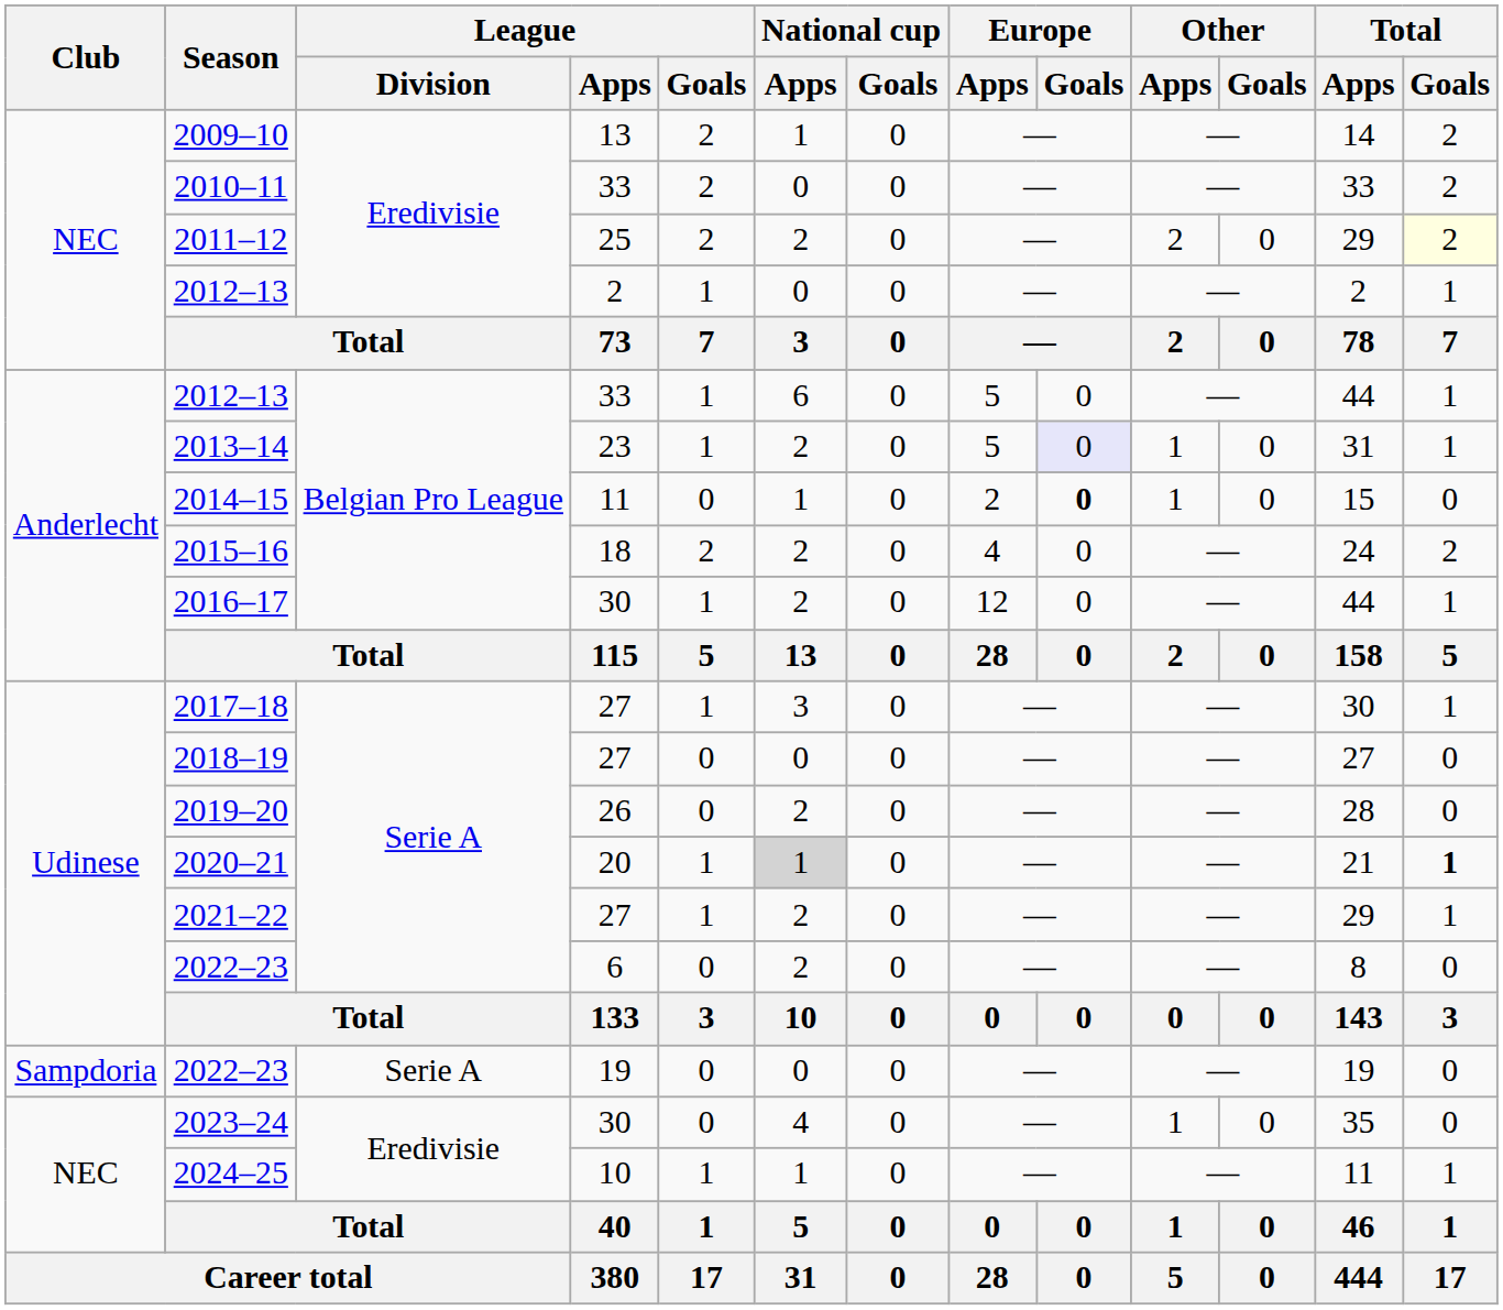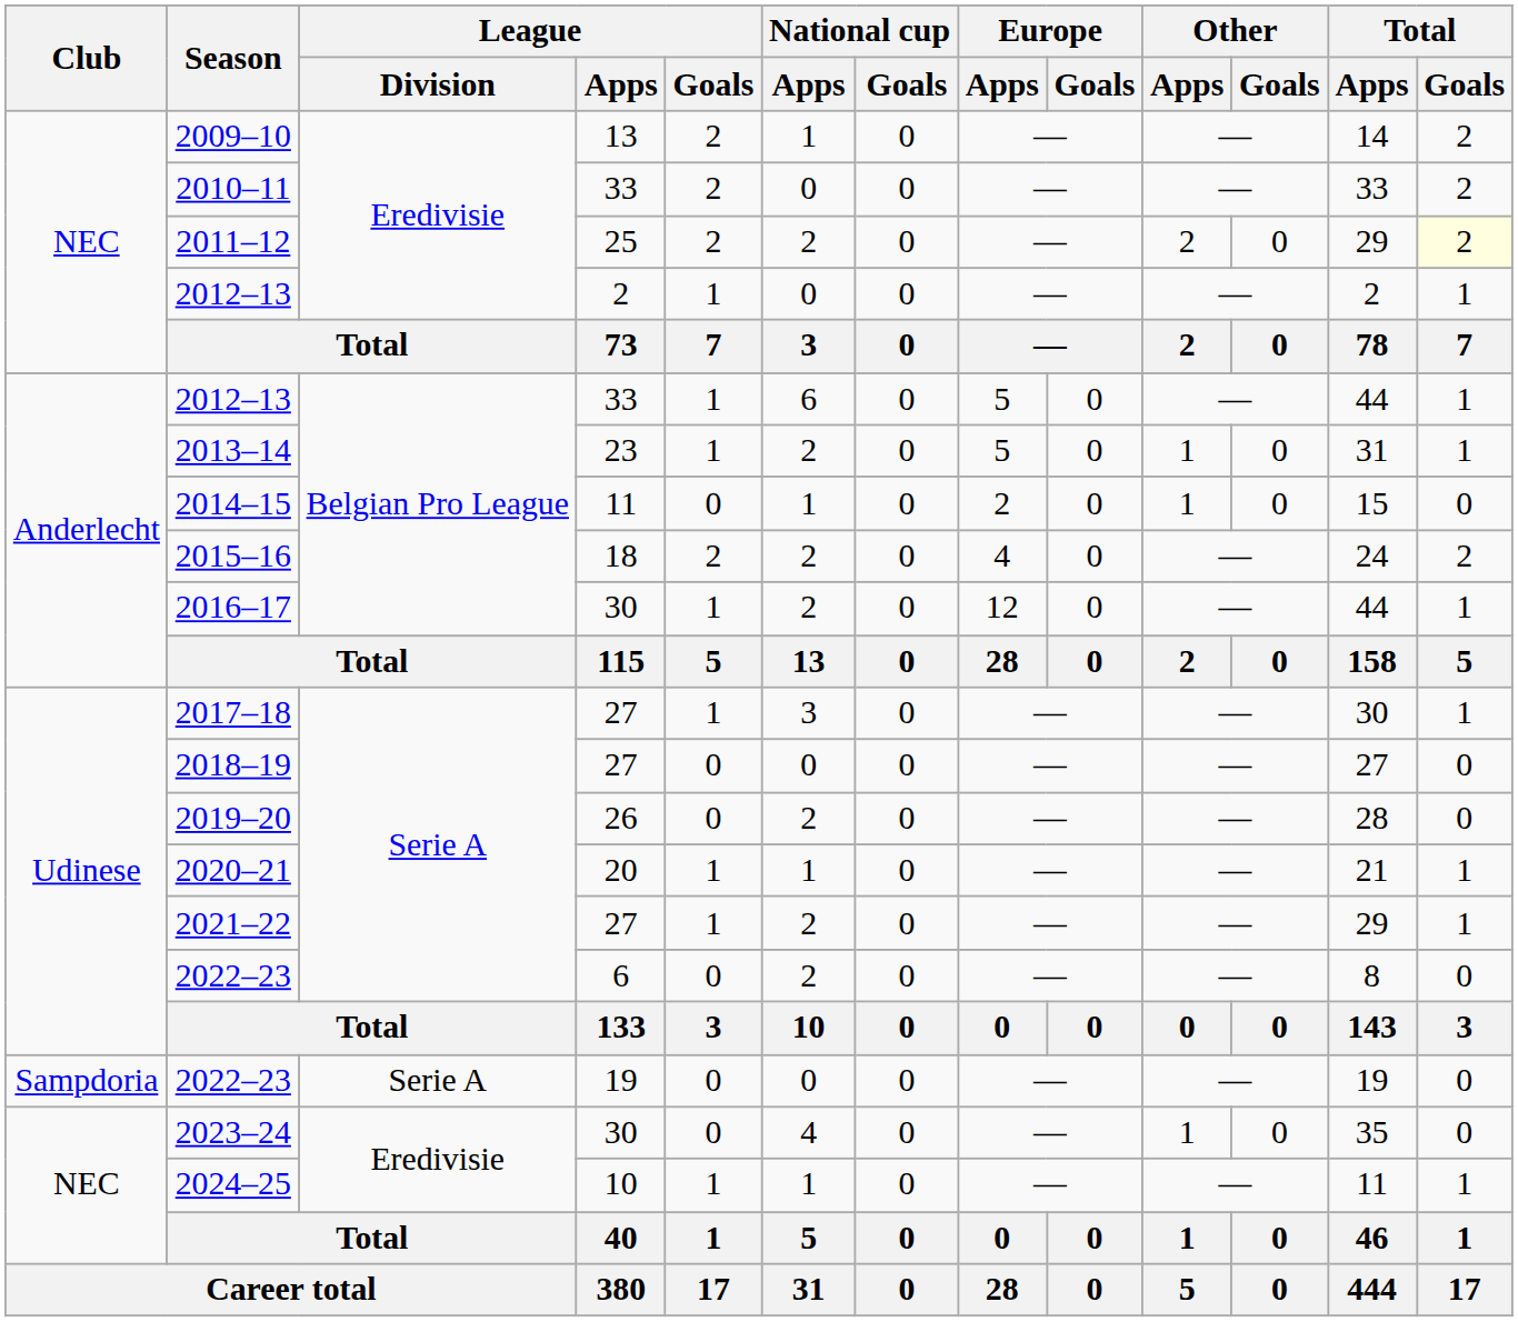 <table class="wikitable" style="text-align:center">
 <tr>
 <th rowspan="2">Club</th>
 <th rowspan="2">Season</th>
 <th colspan="3">League</th>
 <th colspan="2">National cup</th>
 <th colspan="2">Europe</th>
 <th colspan="2">Other</th>
 <th colspan="2">Total</th>
 </tr>
 <tr>
 <th>Division</th>
 <th>Apps</th>
 <th>Goals</th>
 <th>Apps</th>
 <th>Goals</th>
 <th>Apps</th>
 <th>Goals</th>
 <th>Apps</th>
 <th>Goals</th>
 <th>Apps</th>
 <th>Goals</th>
 </tr>
 <tr>
 <td rowspan="5"><a href='#'>NEC</a></td>
 <td><a href='#'>2009–10</a></td>
 <td rowspan="4"><a href='#'>Eredivisie</a></td>
 <td>13</td>
 <td>2</td>
 <td>1</td>
 <td>0</td>
 <td colspan="2">—</td>
 <td colspan="2">—</td>
 <td>14</td>
 <td>2</td>
 </tr>
 <tr>
 <td><a href='#'>2010–11</a></td>
 <td>33</td>
 <td>2</td>
 <td>0</td>
 <td>0</td>
 <td colspan="2">—</td>
 <td colspan="2">—</td>
 <td>33</td>
 <td>2</td>
 </tr>
 <tr>
 <td><a href='#'>2011–12</a></td>
 <td>25</td>
 <td>2</td>
 <td>2</td>
 <td>0</td>
 <td colspan="2">—</td>
 <td>2</td>
 <td>0</td>
 <td>29</td>
 <td style="background: lightyellow;">2</td>
 </tr>
 <tr>
 <td><a href='#'>2012–13</a></td>
 <td>2</td>
 <td>1</td>
 <td>0</td>
 <td>0</td>
 <td colspan="2">—</td>
 <td colspan="2">—</td>
 <td>2</td>
 <td>1</td>
 </tr>
 <tr>
 <th colspan="2">Total</th>
 <th>73</th>
 <th>7</th>
 <th>3</th>
 <th>0</th>
 <th colspan="2">—</th>
 <th>2</th>
 <th>0</th>
 <th>78</th>
 <th>7</th>
 </tr>
 <tr>
 <td rowspan="6"><a href='#'>Anderlecht</a></td>
 <td><a href='#'>2012–13</a></td>
 <td rowspan="5"><a href='#'>Belgian Pro League</a></td>
 <td>33</td>
 <td>1</td>
 <td>6</td>
 <td>0</td>
 <td>5</td>
 <td>0</td>
 <td colspan="2">—</td>
 <td>44</td>
 <td>1</td>
 </tr>
 <tr>
 <td><a href='#'>2013–14</a></td>
 <td>23</td>
 <td>1</td>
 <td>2</td>
 <td>0</td>
 <td>5</td>
-<td style="background: lavender;">0</td>
+<td>0</td>
 <td>1</td>
 <td>0</td>
 <td>31</td>
 <td>1</td>
 </tr>
 <tr>
 <td><a href='#'>2014–15</a></td>
 <td>11</td>
 <td>0</td>
 <td>1</td>
 <td>0</td>
 <td>2</td>
-<td><strong>0</strong></td>
+<td>0</td>
 <td>1</td>
 <td>0</td>
 <td>15</td>
 <td>0</td>
 </tr>
 <tr>
 <td><a href='#'>2015–16</a></td>
 <td>18</td>
 <td>2</td>
 <td>2</td>
 <td>0</td>
 <td>4</td>
 <td>0</td>
 <td colspan="2">—</td>
 <td>24</td>
 <td>2</td>
 </tr>
 <tr>
 <td><a href='#'>2016–17</a></td>
 <td>30</td>
 <td>1</td>
 <td>2</td>
 <td>0</td>
 <td>12</td>
 <td>0</td>
 <td colspan="2">—</td>
 <td>44</td>
 <td>1</td>
 </tr>
 <tr>
 <th colspan="2">Total</th>
 <th>115</th>
 <th>5</th>
 <th>13</th>
 <th>0</th>
 <th>28</th>
 <th>0</th>
 <th>2</th>
 <th>0</th>
 <th>158</th>
 <th>5</th>
 </tr>
 <tr>
 <td rowspan="7"><a href='#'>Udinese</a></td>
 <td><a href='#'>2017–18</a></td>
 <td rowspan="6"><a href='#'>Serie A</a></td>
 <td>27</td>
 <td>1</td>
 <td>3</td>
 <td>0</td>
 <td colspan="2">—</td>
 <td colspan="2">—</td>
 <td>30</td>
 <td>1</td>
 </tr>
 <tr>
 <td><a href='#'>2018–19</a></td>
 <td>27</td>
 <td>0</td>
 <td>0</td>
 <td>0</td>
 <td colspan="2">—</td>
 <td colspan="2">—</td>
 <td>27</td>
 <td>0</td>
 </tr>
 <tr>
 <td><a href='#'>2019–20</a></td>
 <td>26</td>
 <td>0</td>
 <td>2</td>
 <td>0</td>
 <td colspan="2">—</td>
 <td colspan="2">—</td>
 <td>28</td>
 <td>0</td>
 </tr>
 <tr>
 <td><a href='#'>2020–21</a></td>
 <td>20</td>
 <td>1</td>
-<td style="background: lightgrey;">1</td>
+<td>1</td>
 <td>0</td>
 <td colspan="2">—</td>
 <td colspan="2">—</td>
 <td>21</td>
-<td><strong>1</strong></td>
+<td>1</td>
 </tr>
 <tr>
 <td><a href='#'>2021–22</a></td>
 <td>27</td>
 <td>1</td>
 <td>2</td>
 <td>0</td>
 <td colspan="2">—</td>
 <td colspan="2">—</td>
 <td>29</td>
 <td>1</td>
 </tr>
 <tr>
 <td><a href='#'>2022–23</a></td>
 <td>6</td>
 <td>0</td>
 <td>2</td>
 <td>0</td>
 <td colspan="2">—</td>
 <td colspan="2">—</td>
 <td>8</td>
 <td>0</td>
 </tr>
 <tr>
 <th colspan="2">Total</th>
 <th>133</th>
 <th>3</th>
 <th>10</th>
 <th>0</th>
 <th>0</th>
 <th>0</th>
 <th>0</th>
 <th>0</th>
 <th>143</th>
 <th>3</th>
 </tr>
 <tr>
 <td><a href='#'>Sampdoria</a></td>
 <td><a href='#'>2022–23</a></td>
 <td>Serie A</td>
 <td>19</td>
 <td>0</td>
 <td>0</td>
 <td>0</td>
 <td colspan="2">—</td>
 <td colspan="2">—</td>
 <td>19</td>
 <td>0</td>
 </tr>
 <tr>
 <td rowspan="3">NEC</td>
 <td><a href='#'>2023–24</a></td>
 <td rowspan="2">Eredivisie</td>
 <td>30</td>
 <td>0</td>
 <td>4</td>
 <td>0</td>
 <td colspan="2">—</td>
 <td>1</td>
 <td>0</td>
 <td>35</td>
 <td>0</td>
 </tr>
 <tr>
 <td><a href='#'>2024–25</a></td>
 <td>10</td>
 <td>1</td>
 <td>1</td>
 <td>0</td>
 <td colspan="2">—</td>
 <td colspan="2">—</td>
 <td>11</td>
 <td>1</td>
 </tr>
 <tr>
 <th colspan="2">Total</th>
 <th>40</th>
 <th>1</th>
 <th>5</th>
 <th>0</th>
 <th>0</th>
 <th>0</th>
 <th>1</th>
 <th>0</th>
 <th>46</th>
 <th>1</th>
 </tr>
 <tr>
 <th colspan="3">Career total</th>
 <th>380</th>
 <th>17</th>
 <th>31</th>
 <th>0</th>
 <th>28</th>
 <th>0</th>
 <th>5</th>
 <th>0</th>
 <th>444</th>
 <th>17</th>
 </tr>
 </table>
